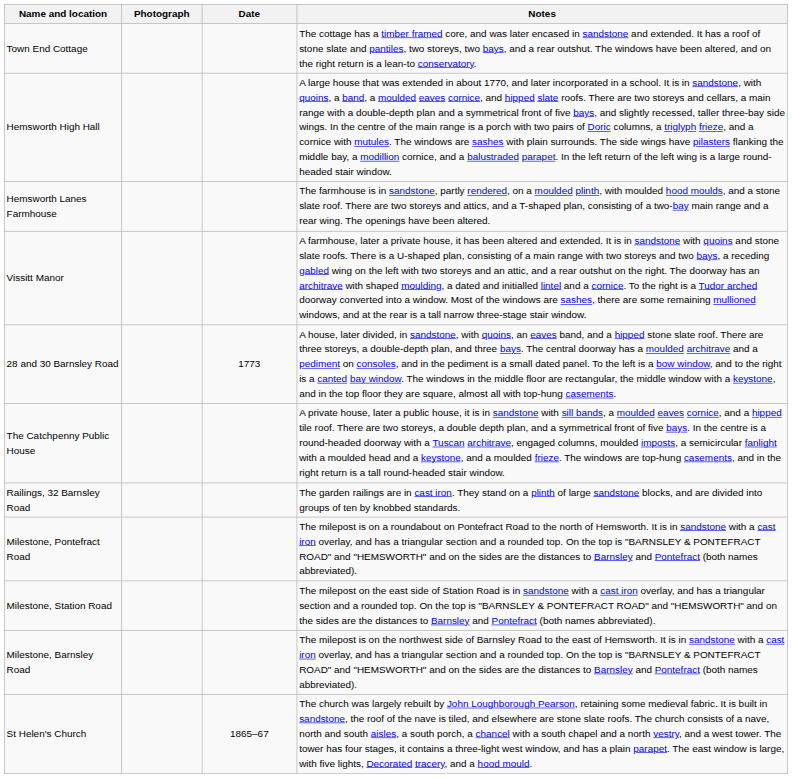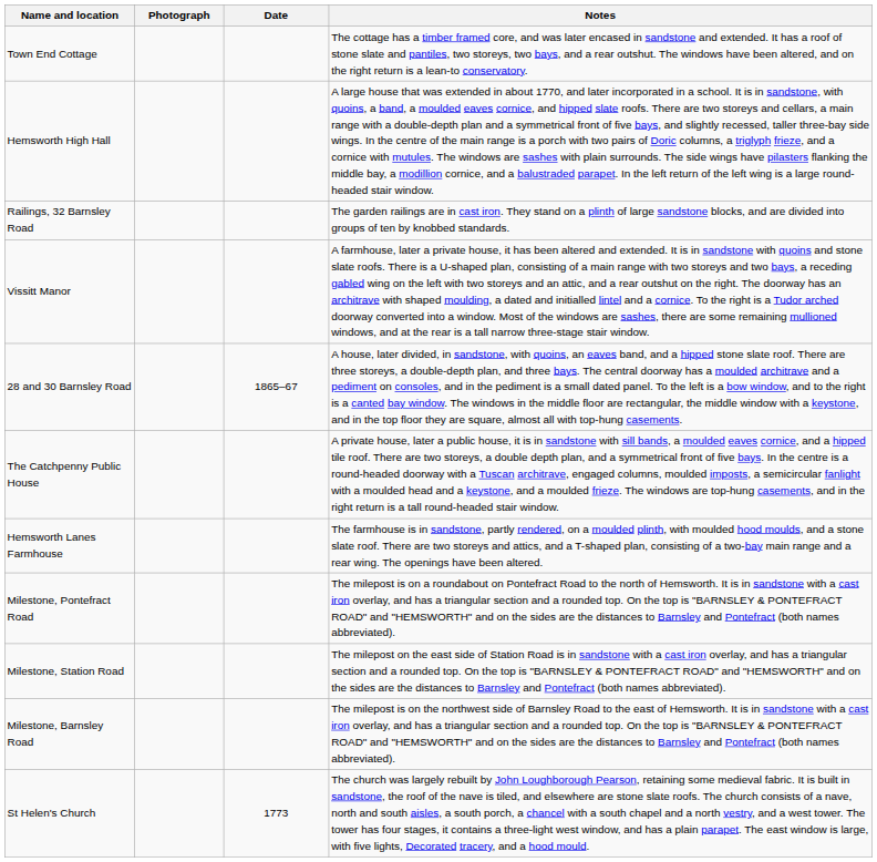 <table class="wikitable sortable plainrowheaders" style="width:100%;border:0px;text-align:left;line-height:150%;">
 <tr>
 <th scope="col"  style="width:150px">Name and location</th>
 <th scope="col"  style="width:100px" class="unsortable">Photograph</th>
 <th scope="col"  style="width:120px">Date</th>
 <th scope="col"  style="width:650px" class="unsortable">Notes</th>
 </tr>
 <tr>
 <td>Town End Cottage<br><small></small></td>
 <td></td>
 <td align="center"></td>
 <td>The cottage has a <a href='#'>timber framed</a> core, and was later encased in <a href='#'>sandstone</a> and extended.  It has a roof of stone slate and <a href='#'>pantiles</a>, two storeys, two <a href='#'>bays</a>, and a rear outshut.  The windows have been altered, and on the right return is a lean-to <a href='#'>conservatory</a>.</td>
 </tr>
 <tr>
 <td>Hemsworth High Hall<br><small></small></td>
 <td></td>
 <td align="center"></td>
 <td>A large house that was extended in about 1770, and later incorporated in a school.  It is in <a href='#'>sandstone</a>, with <a href='#'>quoins</a>, a <a href='#'>band</a>, a <a href='#'>moulded</a> <a href='#'>eaves</a> <a href='#'>cornice</a>, and <a href='#'>hipped</a> <a href='#'>slate</a> roofs.  There are two storeys and cellars, a main range with a double-depth plan and a symmetrical front of five <a href='#'>bays</a>, and slightly recessed, taller three-bay side wings.   In the centre of the main range is a porch with two pairs of <a href='#'>Doric</a> columns, a <a href='#'>triglyph</a> <a href='#'>frieze</a>, and a cornice with <a href='#'>mutules</a>.  The windows are <a href='#'>sashes</a> with plain surrounds.  The side wings have <a href='#'>pilasters</a> flanking the middle bay, a <a href='#'>modillion</a> cornice, and a <a href='#'>balustraded</a> <a href='#'>parapet</a>.  In the left return of the left wing is a large round-headed stair window.</td>
 </tr>
 <tr>
-<td>Hemsworth Lanes Farmhouse<br><small></small></td>
+<td>Railings, 32 Barnsley Road<br><small></small></td>
 <td></td>
 <td align="center"></td>
-<td>The farmhouse is in <a href='#'>sandstone</a>, partly <a href='#'>rendered</a>, on a <a href='#'>moulded</a> <a href='#'>plinth</a>, with moulded <a href='#'>hood moulds</a>, and a stone slate roof.  There are two storeys and attics, and a T-shaped plan, consisting of a two-<a href='#'>bay</a> main range and a rear wing.  The openings have been altered.</td>
+<td>The garden railings are in <a href='#'>cast iron</a>.  They stand on a <a href='#'>plinth</a> of large <a href='#'>sandstone</a> blocks, and are divided into groups of ten by knobbed standards.</td>
 </tr>
 <tr>
 <td>Vissitt Manor<br><small></small></td>
 <td></td>
 <td align="center"></td>
 <td>A farmhouse, later a private house, it has been altered and extended.  It is in <a href='#'>sandstone</a> with <a href='#'>quoins</a> and stone slate roofs.  There is a U-shaped plan, consisting of a main range with two storeys and two <a href='#'>bays</a>, a receding <a href='#'>gabled</a> wing on the left with two storeys and an attic, and a rear outshut on the right.   The doorway has an <a href='#'>architrave</a> with shaped <a href='#'>moulding</a>, a dated and initialled <a href='#'>lintel</a> and a <a href='#'>cornice</a>.  To the right is a <a href='#'>Tudor arched</a> doorway converted into a window.  Most of the windows are <a href='#'>sashes</a>, there are some remaining <a href='#'>mullioned</a> windows, and at the rear is a tall narrow three-stage stair window.</td>
 </tr>
 <tr>
 <td>28 and 30 Barnsley Road<br><small></small></td>
 <td></td>
-<td align="center">1773</td>
+<td align="center">1865–67</td>
 <td>A house, later divided, in <a href='#'>sandstone</a>, with <a href='#'>quoins</a>, an <a href='#'>eaves</a> band, and a <a href='#'>hipped</a> stone slate roof.  There are three storeys, a double-depth plan, and three <a href='#'>bays</a>.  The central doorway has a <a href='#'>moulded</a> <a href='#'>architrave</a> and a <a href='#'>pediment</a> on <a href='#'>consoles</a>, and in the pediment is a small dated panel.  To the left is a <a href='#'>bow window</a>, and to the right is a <a href='#'>canted</a> <a href='#'>bay window</a>.  The windows in the middle floor are rectangular, the middle window with a <a href='#'>keystone</a>, and in the top floor they are square, almost all with top-hung <a href='#'>casements</a>.</td>
 </tr>
 <tr>
 <td>The Catchpenny Public House<br><small></small></td>
 <td></td>
 <td align="center"></td>
 <td>A private house, later a public house, it is in <a href='#'>sandstone</a> with <a href='#'>sill bands</a>, a <a href='#'>moulded</a> <a href='#'>eaves</a> <a href='#'>cornice</a>, and a <a href='#'>hipped</a> tile roof.  There are two storeys, a double depth plan, and a symmetrical front of five <a href='#'>bays</a>.  In the centre is a round-headed doorway with a <a href='#'>Tuscan</a> <a href='#'>architrave</a>, engaged columns, moulded <a href='#'>imposts</a>, a semicircular <a href='#'>fanlight</a> with a moulded head and a <a href='#'>keystone</a>, and a moulded <a href='#'>frieze</a>.  The windows are top-hung <a href='#'>casements</a>, and in the right return is a tall round-headed stair window.</td>
 </tr>
 <tr>
-<td>Railings, 32 Barnsley Road<br><small></small></td>
+<td>Hemsworth Lanes Farmhouse<br><small></small></td>
 <td></td>
 <td align="center"></td>
-<td>The garden railings are in <a href='#'>cast iron</a>.  They stand on a <a href='#'>plinth</a> of large <a href='#'>sandstone</a> blocks, and are divided into groups of ten by knobbed standards.</td>
+<td>The farmhouse is in <a href='#'>sandstone</a>, partly <a href='#'>rendered</a>, on a <a href='#'>moulded</a> <a href='#'>plinth</a>, with moulded <a href='#'>hood moulds</a>, and a stone slate roof.  There are two storeys and attics, and a T-shaped plan, consisting of a two-<a href='#'>bay</a> main range and a rear wing.  The openings have been altered.</td>
 </tr>
 <tr>
 <td>Milestone, Pontefract Road<br><small></small></td>
 <td></td>
 <td align="center"></td>
 <td>The milepost is on a roundabout on Pontefract Road to the north of Hemsworth.  It is in <a href='#'>sandstone</a> with a <a href='#'>cast iron</a> overlay, and has a triangular section and a rounded top.  On the top is "BARNSLEY & PONTEFRACT ROAD" and "HEMSWORTH" and on the sides are the distances to <a href='#'>Barnsley</a> and <a href='#'>Pontefract</a> (both names abbreviated).</td>
 </tr>
 <tr>
 <td>Milestone, Station Road<br><small></small></td>
 <td></td>
 <td align="center"></td>
 <td>The milepost on the east side of Station Road is in <a href='#'>sandstone</a> with a <a href='#'>cast iron</a> overlay, and has a triangular section and a rounded top.  On the top is "BARNSLEY & PONTEFRACT ROAD" and "HEMSWORTH" and on the sides are the distances to <a href='#'>Barnsley</a> and <a href='#'>Pontefract</a> (both names abbreviated).</td>
 </tr>
 <tr>
 <td>Milestone, Barnsley Road<br><small></small></td>
 <td></td>
 <td align="center"></td>
 <td>The milepost is on the northwest side of Barnsley Road to the east of Hemsworth.  It is in <a href='#'>sandstone</a> with a <a href='#'>cast iron</a> overlay, and has a triangular section and a rounded top.  On the top is "BARNSLEY & PONTEFRACT ROAD" and "HEMSWORTH" and on the sides are the distances to <a href='#'>Barnsley</a> and <a href='#'>Pontefract</a> (both names abbreviated).</td>
 </tr>
 <tr>
 <td>St Helen's Church<br><small></small></td>
 <td></td>
-<td align="center">1865–67</td>
+<td align="center">1773</td>
 <td>The church was largely rebuilt by <a href='#'>John Loughborough Pearson</a>, retaining some medieval fabric.  It is built in <a href='#'>sandstone</a>, the roof of the nave is tiled, and elsewhere are stone slate roofs.  The church consists of a nave, north and south <a href='#'>aisles</a>, a south porch, a <a href='#'>chancel</a> with a south chapel and a north <a href='#'>vestry</a>, and a west tower.  The tower has four stages, it contains a three-light west window, and has a plain <a href='#'>parapet</a>.  The east window is large, with five lights, <a href='#'>Decorated</a> <a href='#'>tracery</a>, and a <a href='#'>hood mould</a>.</td>
 </tr>
 <tr>
 </tr>
 </table>
